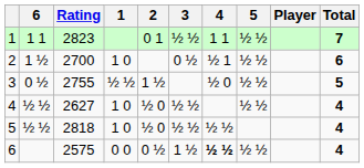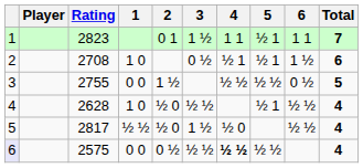 <table class="wikitable" style="text-align: center;">
 <tr>
 <th></th>
-<th>6</th>
+<th>Player</th>
 <th><a href='#'>Rating</a></th>
 <th>1</th>
 <th>2</th>
 <th>3</th>
 <th>4</th>
 <th>5</th>
-<th>Player</th>
+<th>6</th>
 <th>Total</th>
 </tr>
 <tr style="background:#cfc;">
 <td>1</td>
-<td>1 1</td>
+<td align=left></td>
 <td>2823</td>
 <td></td>
 <td>0 1</td>
-<td>½ ½</td>
+<td>1 ½</td>
 <td>1 1</td>
-<td>½ ½</td>
-<td align=left></td>
+<td>½ 1</td>
+<td>1 1</td>
 <td><strong>7</strong></td>
 </tr>
 <tr>
 <td>2</td>
-<td>1 ½</td>
-<td>2700</td>
+<td align=left></td>
+<td>2708</td>
 <td>1 0</td>
 <td></td>
 <td>0 ½</td>
 <td>½ 1</td>
-<td>½ ½</td>
-<td align=left></td>
+<td>½ 1</td>
+<td>1 ½</td>
 <td><strong>6</strong></td>
 </tr>
 <tr>
 <td>3</td>
-<td>0 ½</td>
+<td align=left></td>
 <td>2755</td>
-<td>½ ½</td>
+<td>0 0</td>
 <td>1 ½</td>
 <td></td>
-<td>½ 0</td>
 <td>½ ½</td>
-<td align=left></td>
+<td>½ ½</td>
+<td>0 ½</td>
 <td><strong>5</strong></td>
 </tr>
 <tr>
 <td>4</td>
-<td>½ ½</td>
-<td>2627</td>
+<td align=left></td>
+<td>2628</td>
 <td>1 0</td>
 <td>½ 0</td>
 <td>½ ½</td>
 <td></td>
+<td>½ 1</td>
 <td>½ ½</td>
-<td align=left></td>
 <td><strong>4</strong></td>
 </tr>
 <tr>
 <td>5</td>
+<td align=left></td>
+<td>2817</td>
 <td>½ ½</td>
-<td>2818</td>
-<td>1 0</td>
 <td>½ 0</td>
+<td>1 ½</td>
+<td>½ 0</td>
+<td></td>
 <td>½ ½</td>
-<td>½ ½</td>
-<td></td>
-<td align=left></td>
 <td><strong>4</strong></td>
 </tr>
 <tr>
-<td>6</td>
-<td></td>
+<td style="background: lavender;">6</td>
+<td align=left></td>
 <td>2575</td>
 <td>0 0</td>
 <td>0 ½</td>
-<td>1 ½</td>
+<td>½ ½</td>
 <td><strong>½ ½</strong></td>
 <td>½ ½</td>
-<td align=left></td>
+<td></td>
 <td><strong>4</strong></td>
 </tr>
 </table>
